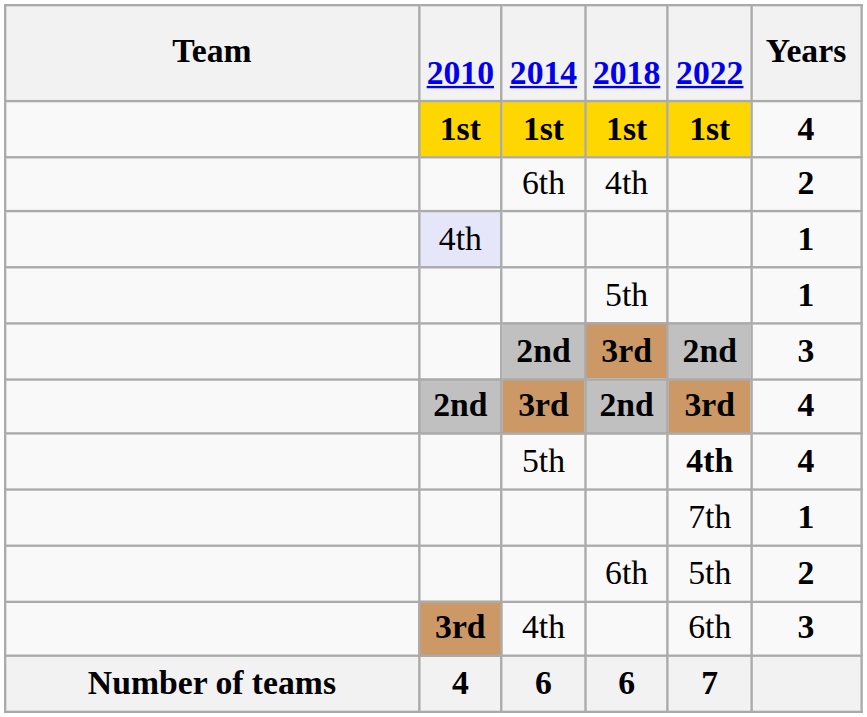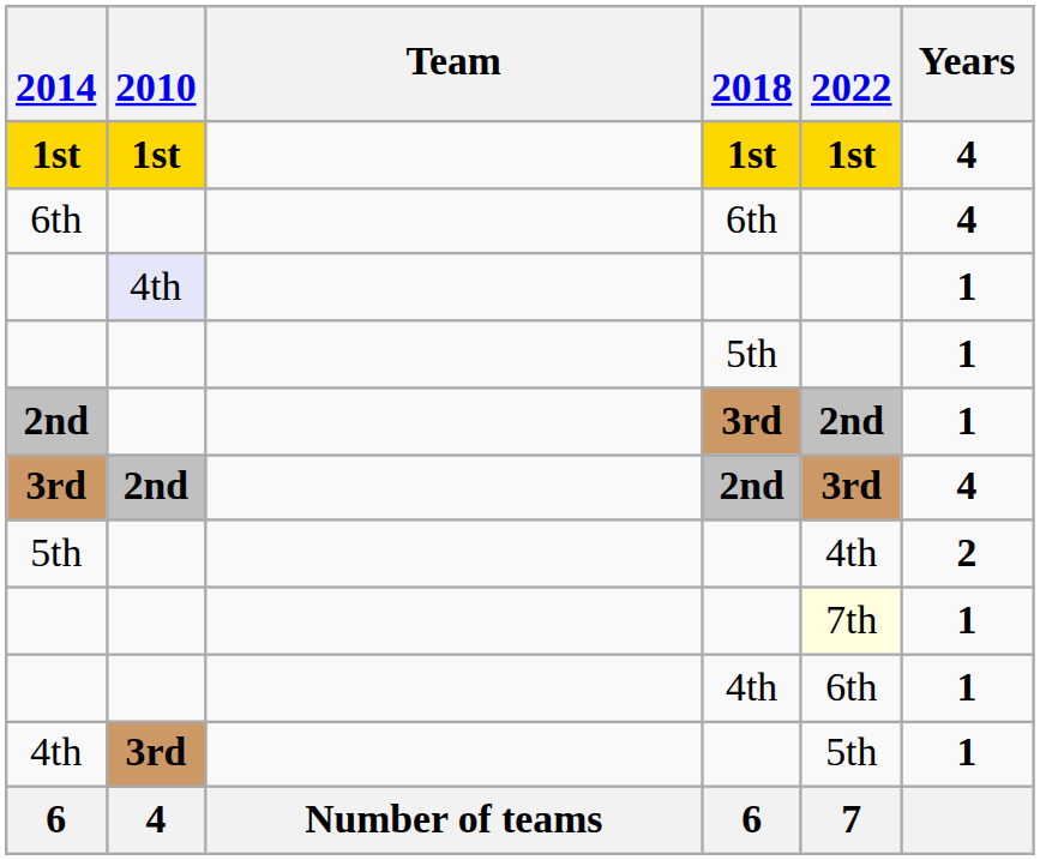 <table class="wikitable" style="text-align:center; font-size:90%">
 <tr>
+<th width=25><br><a href='#'>2014</a></th>
+<th width=25><br><a href='#'>2010</a></th>
 <th width=170>Team</th>
-<th width=25><br><a href='#'>2010</a></th>
-<th width=25><br><a href='#'>2014</a></th>
 <th width=25><br><a href='#'>2018</a></th>
 <th width=25><br><a href='#'>2022</a></th>
 <th width=40>Years</th>
 </tr>
 <tr>
-<td align=left></td>
 <td bgcolor=gold><strong>1st</strong></td>
 <td bgcolor=gold><strong>1st</strong></td>
+<td align=left></td>
 <td bgcolor=gold><strong>1st</strong></td>
 <td bgcolor=gold><strong>1st</strong></td>
 <td><strong>4</strong></td>
 </tr>
 <tr>
+<td>6th</td>
+<td></td>
 <td align=left></td>
+<td>6th</td>
 <td></td>
-<td>6th</td>
-<td>4th</td>
-<td></td>
-<td><strong>2</strong></td>
+<td><strong>4</strong></td>
 </tr>
 <tr>
+<td></td>
+<td style="background: lavender;">4th</td>
 <td align=left></td>
-<td style="background: lavender;">4th</td>
-<td></td>
 <td></td>
 <td></td>
 <td><strong>1</strong></td>
 </tr>
 <tr>
-<td align=left></td>
 <td></td>
 <td></td>
+<td align=left></td>
 <td>5th</td>
 <td></td>
 <td><strong>1</strong></td>
 </tr>
 <tr>
+<td bgcolor=silver><strong>2nd</strong></td>
+<td></td>
 <td align=left></td>
-<td></td>
-<td bgcolor=silver><strong>2nd</strong></td>
 <td bgcolor=cc9966><strong>3rd</strong></td>
 <td bgcolor=silver><strong>2nd</strong></td>
-<td><strong>3</strong></td>
+<td><strong>1</strong></td>
 </tr>
 <tr>
+<td bgcolor=cc9966><strong>3rd</strong></td>
+<td bgcolor=silver><strong>2nd</strong></td>
 <td align=left></td>
-<td bgcolor=silver><strong>2nd</strong></td>
-<td bgcolor=cc9966><strong>3rd</strong></td>
 <td bgcolor=silver><strong>2nd</strong></td>
 <td bgcolor=cc9966><strong>3rd</strong></td>
 <td><strong>4</strong></td>
 </tr>
 <tr>
+<td>5th</td>
+<td></td>
+<td align=left></td>
+<td></td>
+<td>4th</td>
+<td><strong>2</strong></td>
+</tr>
+<tr>
+<td></td>
+<td></td>
+<td align=left></td>
+<td></td>
+<td style="background: lightyellow;">7th</td>
+<td><strong>1</strong></td>
+</tr>
+<tr>
+<td></td>
+<td></td>
+<td align=left></td>
+<td>4th</td>
+<td>6th</td>
+<td><strong>1</strong></td>
+</tr>
+<tr>
+<td>4th</td>
+<td bgcolor=cc9966><strong>3rd</strong></td>
 <td align=left></td>
 <td></td>
 <td>5th</td>
-<td></td>
-<td><strong>4th</strong></td>
-<td><strong>4</strong></td>
-</tr>
-<tr>
-<td align=left></td>
-<td></td>
-<td></td>
-<td></td>
-<td>7th</td>
 <td><strong>1</strong></td>
 </tr>
 <tr>
-<td align=left></td>
-<td></td>
-<td></td>
-<td>6th</td>
-<td>5th</td>
-<td><strong>2</strong></td>
-</tr>
-<tr>
-<td align=left></td>
-<td bgcolor=cc9966><strong>3rd</strong></td>
-<td>4th</td>
-<td></td>
-<td>6th</td>
-<td><strong>3</strong></td>
-</tr>
-<tr>
+<th>6</th>
+<th>4</th>
 <th>Number of teams</th>
-<th>4</th>
-<th>6</th>
 <th>6</th>
 <th>7</th>
 <th></th>
 </tr>
 </table>
